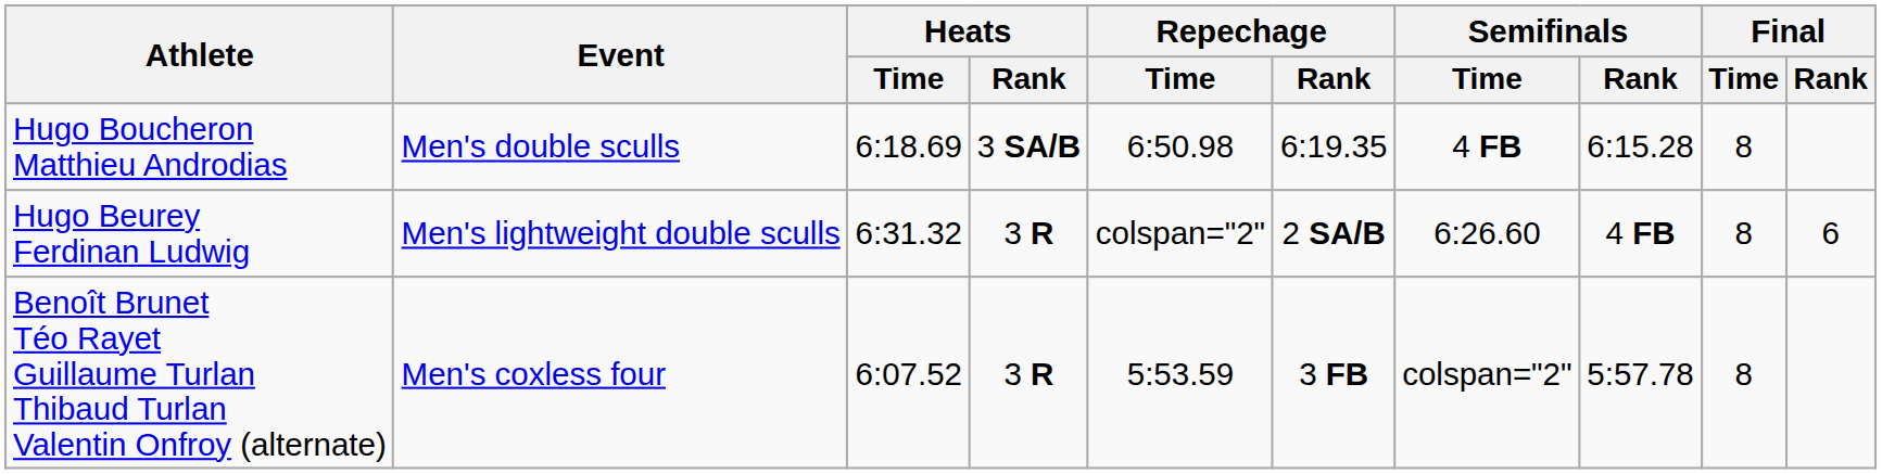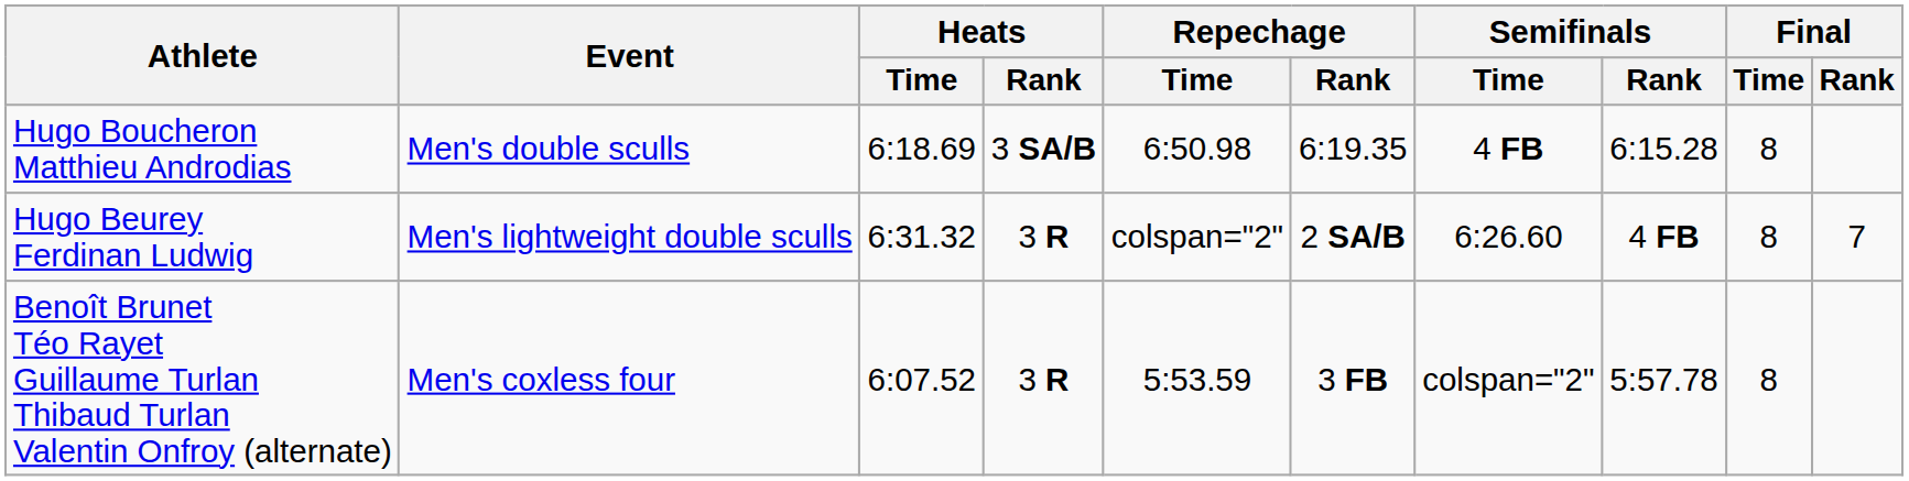 <table class="wikitable" style="font-size:90%">
 <tr>
 <th rowspan="2">Athlete</th>
 <th rowspan="2">Event</th>
 <th colspan="2">Heats</th>
 <th colspan="2">Repechage</th>
 <th colspan="2">Semifinals</th>
 <th colspan="2">Final</th>
 </tr>
 <tr style="font-size:95%">
 <th>Time</th>
 <th>Rank</th>
 <th>Time</th>
 <th>Rank</th>
 <th>Time</th>
 <th>Rank</th>
 <th>Time</th>
 <th>Rank</th>
 </tr>
 <tr align=center>
 <td align=left><a href='#'>Hugo Boucheron</a><br><a href='#'>Matthieu Androdias</a></td>
 <td align=left><a href='#'>Men's double sculls</a></td>
 <td>6:18.69</td>
 <td>3 <strong>SA/B</strong></td>
 <td>6:50.98</td>
 <td>6:19.35</td>
 <td>4 <strong>FB</strong></td>
 <td>6:15.28</td>
 <td>8</td>
 </tr>
 <tr align=center>
 <td align=left><a href='#'>Hugo Beurey</a><br><a href='#'>Ferdinan Ludwig</a></td>
 <td align=left><a href='#'>Men's lightweight double sculls</a></td>
 <td>6:31.32</td>
 <td>3 <strong>R</strong></td>
 <td>colspan="2" </td>
 <td>2 <strong>SA/B</strong></td>
 <td>6:26.60</td>
 <td>4 <strong>FB</strong></td>
 <td>8</td>
-<td>6</td>
+<td>7</td>
 </tr>
 <tr align=center>
 <td align=left><a href='#'>Benoît Brunet</a><br><a href='#'>Téo Rayet</a><br><a href='#'>Guillaume Turlan</a><br><a href='#'>Thibaud Turlan</a><br><a href='#'>Valentin Onfroy</a> (alternate)</td>
 <td align=left><a href='#'>Men's coxless four</a></td>
 <td>6:07.52</td>
 <td>3 <strong>R</strong></td>
 <td>5:53.59</td>
 <td>3 <strong>FB</strong></td>
 <td>colspan="2" </td>
 <td>5:57.78</td>
 <td>8</td>
 </tr>
 </table>
